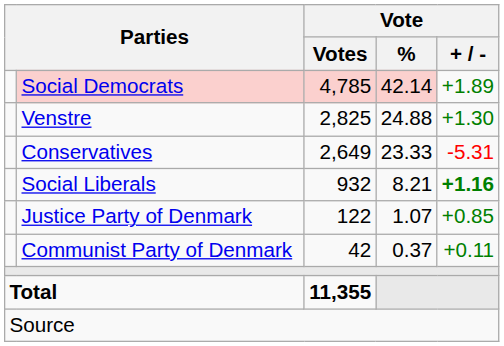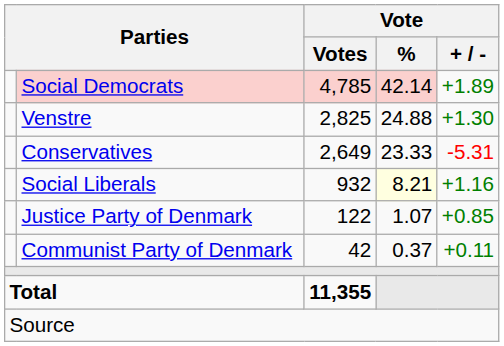 <table class="wikitable" style="text-align:right;">
 <tr>
 <th style="text-align:centre;" rowspan="2" colspan="2" width="225">Parties</th>
 <th colspan="3">Vote</th>
 </tr>
 <tr>
 <th width="15">Votes</th>
 <th width="15">%</th>
 <th width="15">+ / -</th>
 </tr>
 <tr>
 <td width="2" style="color:inherit;background:"></td>
 <td bgcolor=#fbd0ce  align="left"><a href='#'>Social Democrats</a></td>
 <td bgcolor=#fbd0ce>4,785</td>
 <td bgcolor=#fbd0ce>42.14</td>
 <td style=color:green;>+1.89</td>
 </tr>
 <tr>
 <td width="2" style="color:inherit;background:"></td>
 <td align="left"><a href='#'>Venstre</a></td>
 <td>2,825</td>
 <td>24.88</td>
 <td style=color:green;>+1.30</td>
 </tr>
 <tr>
 <td width="2" style="color:inherit;background:"></td>
 <td align="left"><a href='#'>Conservatives</a></td>
 <td>2,649</td>
 <td>23.33</td>
 <td style=color:red;>-5.31</td>
 </tr>
 <tr>
 <td width="2" style="color:inherit;background:"></td>
 <td align="left"><a href='#'>Social Liberals</a></td>
 <td>932</td>
-<td>8.21</td>
-<td style=color:green;><strong>+1.16</strong></td>
+<td style="background: lightyellow;">8.21</td>
+<td style=color:green;>+1.16</td>
 </tr>
 <tr>
 <td width="2" style="color:inherit;background:"></td>
 <td align="left"><a href='#'>Justice Party of Denmark</a></td>
 <td>122</td>
 <td>1.07</td>
 <td style=color:green;>+0.85</td>
 </tr>
 <tr>
 <td width="2" style="color:inherit;background:"></td>
 <td align="left"><a href='#'>Communist Party of Denmark</a></td>
 <td>42</td>
 <td>0.37</td>
 <td style=color:green;>+0.11</td>
 </tr>
 <tr>
 <td colspan="7" bgcolor="#E9E9E9"></td>
 </tr>
 <tr>
 <td align="left" colspan="2"><strong>Total</strong></td>
 <td><strong>11,355</strong></td>
 <td bgcolor="#E9E9E9" colspan="2"></td>
 </tr>
 <tr>
 <td align="left" colspan="6">Source</td>
 </tr>
 </table>
